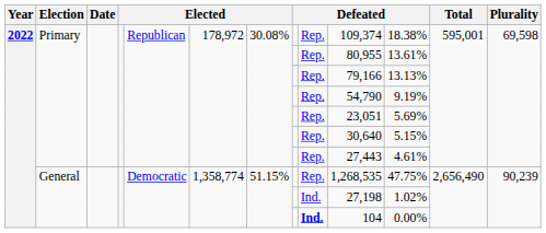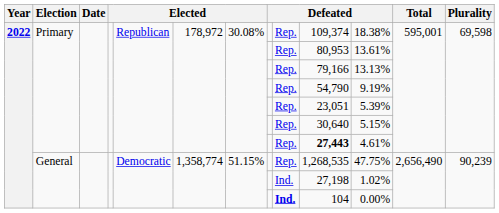 <table class="wikitable">
 <tr>
 <th>Year</th>
 <th>Election</th>
 <th>Date</th>
 <th colspan="4">Elected</th>
 <th colspan="4">Defeated</th>
 <th>Total</th>
 <th>Plurality</th>
 </tr>
 <tr>
 <th rowspan="10" valign="top"><a href='#'>2022</a></th>
 <td rowspan="7" valign="top">Primary</td>
 <td rowspan="7" valign="top"></td>
 <td rowspan="7" valign="top"></td>
 <td valign="top" rowspan="7" ><a href='#'>Republican</a></td>
 <td rowspan="7" valign="top" align="right">178,972</td>
 <td rowspan="7" valign="top" align="right">30.08%</td>
 <td valign="top"></td>
 <td valign="top" ><a href='#'>Rep.</a></td>
 <td valign="top" align="right">109,374</td>
 <td valign="top" align="right">18.38%</td>
 <td rowspan="7" valign="top" align="right">595,001</td>
 <td rowspan="7" valign="top" align="right">69,598</td>
 </tr>
 <tr>
 <td valign="top"></td>
 <td valign="top" ><a href='#'>Rep.</a></td>
-<td valign="top" align="right">80,955</td>
+<td valign="top" align="right">80,953</td>
 <td valign="top" align="right">13.61%</td>
 </tr>
 <tr>
 <td valign="top"></td>
 <td valign="top" ><a href='#'>Rep.</a></td>
 <td valign="top" align="right">79,166</td>
 <td valign="top" align="right">13.13%</td>
 </tr>
 <tr>
 <td valign="top"></td>
 <td valign="top" ><a href='#'>Rep.</a></td>
 <td valign="top" align="right">54,790</td>
 <td valign="top" align="right">9.19%</td>
 </tr>
 <tr>
 <td valign="top"></td>
 <td valign="top" ><a href='#'>Rep.</a></td>
 <td valign="top" align="right">23,051</td>
-<td valign="top" align="right">5.69%</td>
+<td valign="top" align="right">5.39%</td>
 </tr>
 <tr>
 <td valign="top"></td>
 <td valign="top" ><a href='#'>Rep.</a></td>
 <td valign="top" align="right">30,640</td>
 <td valign="top" align="right">5.15%</td>
 </tr>
 <tr>
 <td valign="top"></td>
 <td valign="top" ><a href='#'>Rep.</a></td>
-<td valign="top" align="right">27,443</td>
+<td valign="top" align="right"><strong>27,443</strong></td>
 <td valign="top" align="right">4.61%</td>
 </tr>
 <tr>
 <td rowspan="3" valign="top">General</td>
 <td rowspan="3" valign="top"></td>
 <td rowspan="3" valign="top"></td>
 <td rowspan="3" valign="top" ><a href='#'>Democratic</a></td>
 <td rowspan="3" valign="top" align="right">1,358,774</td>
 <td rowspan="3" valign="top" align="right">51.15%</td>
 <td valign="top"></td>
 <td valign="top" ><a href='#'>Rep.</a></td>
 <td valign="top" align="right">1,268,535</td>
 <td valign="top" align="right">47.75%</td>
 <td rowspan="3" valign="top" align="right">2,656,490</td>
 <td rowspan="3" valign="top" align="right">90,239</td>
 </tr>
 <tr>
 <td valign="top"></td>
 <td valign="top" ><a href='#'>Ind.</a></td>
 <td valign="top" align="right">27,198</td>
 <td valign="top" align="right">1.02%</td>
 </tr>
 <tr>
 <td valign="top"></td>
 <td valign="top" ><strong><a href='#'>Ind.</a></strong></td>
 <td valign="top" align="right">104</td>
 <td valign="top" align="right">0.00%</td>
 </tr>
 </table>
